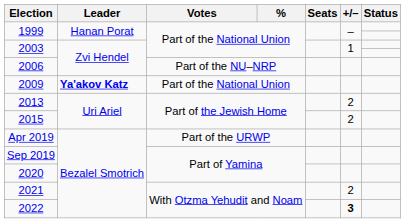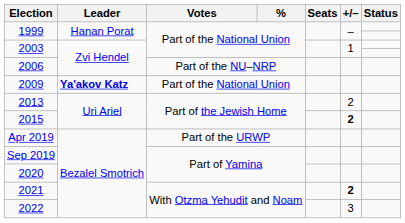 <table class=wikitable style=text-align:center>
 <tr>
 <th>Election</th>
 <th>Leader</th>
 <th>Votes</th>
 <th>%</th>
 <th>Seats</th>
 <th>+/–</th>
 <th>Status</th>
 </tr>
 <tr>
 <td rowspan=2><a href='#'>1999</a></td>
 <td rowspan=2><a href='#'>Hanan Porat</a></td>
 <td rowspan=4 colspan=2>Part of the <a href='#'>National Union</a></td>
 <td rowspan=2></td>
 <td rowspan=2>–</td>
 <td> </td>
 </tr>
 <tr>
 <td> </td>
 </tr>
 <tr>
 <td rowspan=2><a href='#'>2003</a></td>
 <td rowspan=3><a href='#'>Zvi Hendel</a></td>
 <td rowspan=2></td>
 <td rowspan=2> 1</td>
 <td> </td>
 </tr>
 <tr>
 <td> </td>
 </tr>
 <tr>
 <td><a href='#'>2006</a></td>
 <td colspan=2>Part of the <a href='#'>NU</a>–<a href='#'>NRP</a></td>
 <td></td>
 <td></td>
 <td></td>
 </tr>
 <tr>
 <td><a href='#'>2009</a></td>
 <td align=left><strong><a href='#'>Ya'akov Katz</a></strong></td>
 <td colspan=2>Part of the <a href='#'>National Union</a></td>
 <td></td>
 <td></td>
 <td></td>
 </tr>
 <tr>
 <td><a href='#'>2013</a></td>
 <td rowspan=2><a href='#'>Uri Ariel</a></td>
 <td colspan=2 rowspan=2>Part of <a href='#'>the Jewish Home</a></td>
 <td></td>
 <td> 2</td>
 <td></td>
 </tr>
 <tr>
 <td><a href='#'>2015</a></td>
 <td></td>
-<td> 2</td>
+<td><strong> 2</strong></td>
 <td></td>
 </tr>
 <tr>
 <td><a href='#'>Apr 2019</a></td>
 <td rowspan=5><a href='#'>Bezalel Smotrich</a></td>
 <td colspan=2>Part of the <a href='#'>URWP</a></td>
 <td></td>
 <td></td>
 <td></td>
 </tr>
 <tr>
 <td><a href='#'>Sep 2019</a></td>
 <td colspan=2 rowspan=2>Part of <a href='#'>Yamina</a></td>
 <td></td>
 <td></td>
 <td></td>
 </tr>
 <tr>
 <td><a href='#'>2020</a></td>
 <td></td>
 <td></td>
 <td></td>
 </tr>
 <tr>
 <td><a href='#'>2021</a></td>
 <td colspan=2 rowspan=2>With <a href='#'>Otzma Yehudit</a> and <a href='#'>Noam</a></td>
 <td></td>
-<td> 2</td>
+<td><strong> 2</strong></td>
 <td></td>
 </tr>
 <tr>
 <td><a href='#'>2022</a></td>
 <td></td>
-<td><strong> 3</strong></td>
+<td> 3</td>
 <td></td>
 </tr>
 </table>
